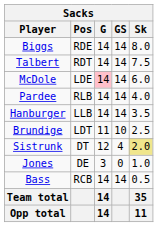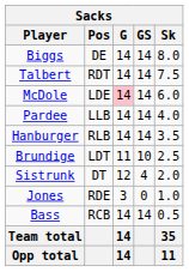 <table class="wikitable" style="text-align:center">
 <tr>
 <th colspan="5">Sacks</th>
 </tr>
 <tr>
 <th>Player</th>
 <th>Pos</th>
 <th>G</th>
 <th>GS</th>
 <th>Sk</th>
 </tr>
 <tr>
 <td><a href='#'>Biggs</a></td>
-<td>RDE</td>
+<td>DE</td>
 <td>14</td>
 <td>14</td>
 <td>8.0</td>
 </tr>
 <tr>
 <td><a href='#'>Talbert</a></td>
 <td>RDT</td>
 <td>14</td>
 <td>14</td>
 <td>7.5</td>
 </tr>
 <tr>
 <td><a href='#'>McDole</a></td>
 <td>LDE</td>
 <td style="background: pink;">14</td>
 <td>14</td>
 <td>6.0</td>
 </tr>
 <tr>
 <td><a href='#'>Pardee</a></td>
-<td>RLB</td>
+<td>LLB</td>
 <td>14</td>
 <td>14</td>
 <td>4.0</td>
 </tr>
 <tr>
 <td><a href='#'>Hanburger</a></td>
-<td>LLB</td>
+<td>RLB</td>
 <td>14</td>
 <td>14</td>
 <td>3.5</td>
 </tr>
 <tr>
 <td><a href='#'>Brundige</a></td>
 <td>LDT</td>
 <td>11</td>
 <td>10</td>
 <td>2.5</td>
 </tr>
 <tr>
 <td><a href='#'>Sistrunk</a></td>
 <td>DT</td>
 <td>12</td>
 <td>4</td>
-<td style="background: khaki;">2.0</td>
+<td>2.0</td>
 </tr>
 <tr>
 <td><a href='#'>Jones</a></td>
-<td>DE</td>
+<td>RDE</td>
 <td>3</td>
 <td>0</td>
 <td>1.0</td>
 </tr>
 <tr>
 <td><a href='#'>Bass</a></td>
 <td>RCB</td>
 <td>14</td>
 <td>14</td>
 <td>0.5</td>
 </tr>
 <tr>
 <th>Team total</th>
 <th></th>
 <th>14</th>
 <th></th>
 <th>35</th>
 </tr>
 <tr>
 <th>Opp total</th>
 <th></th>
 <th>14</th>
 <th></th>
 <th>11</th>
 </tr>
 </table>
